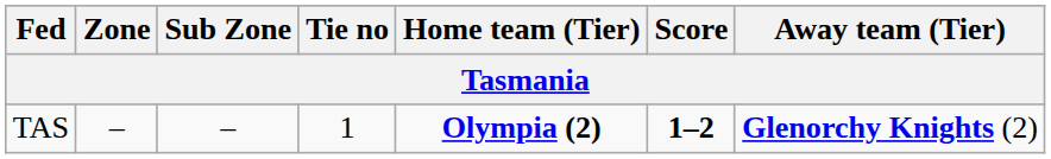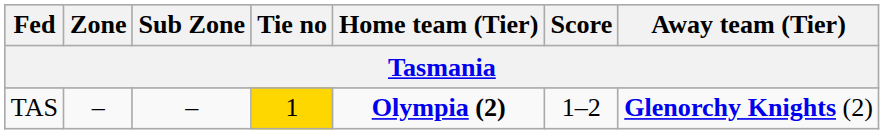 <table class="wikitable" style="text-align:center">
 <tr>
 <th>Fed</th>
 <th>Zone</th>
 <th>Sub Zone</th>
 <th>Tie no</th>
 <th>Home team (Tier)</th>
 <th>Score</th>
 <th>Away team (Tier)</th>
 </tr>
 <tr>
 <th colspan=7><a href='#'>Tasmania</a></th>
 </tr>
 <tr>
 <td>TAS</td>
 <td>–</td>
 <td>–</td>
-<td>1</td>
+<td style="background: gold;">1</td>
 <td><strong><a href='#'>Olympia</a> (2)</strong></td>
-<td><strong>1–2</strong></td>
+<td>1–2</td>
 <td><strong><a href='#'>Glenorchy Knights</a></strong>  (2)</td>
 </tr>
 </table>
